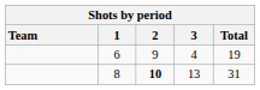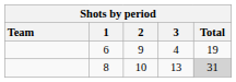 <table class="wikitable" style="width:20em; text-align:right;">
 <tr>
 <th colspan=6>Shots by period</th>
 </tr>
 <tr>
 <th style="width:8em; text-align:left;">Team</th>
 <th style="width:3em;">1</th>
 <th style="width:3em;">2</th>
 <th style="width:3em;">3</th>
 <th style="width:3em;">Total</th>
 </tr>
 <tr>
 <td style="text-align:left;"></td>
 <td align=center>6</td>
 <td align=center>9</td>
 <td align=center>4</td>
 <td align=center>19</td>
 </tr>
 <tr>
 <td style="text-align:left;"></td>
 <td align=center>8</td>
-<td align=center><strong>10</strong></td>
+<td align=center>10</td>
 <td align=center>13</td>
-<td align=center>31</td>
+<td align=center style="background: lightgrey;">31</td>
 </tr>
 </table>
